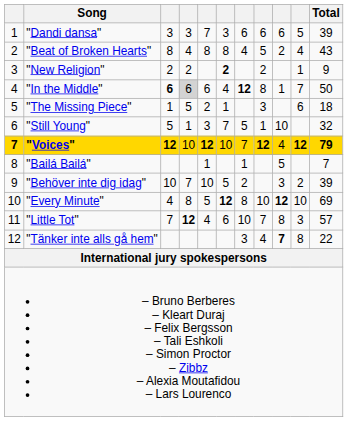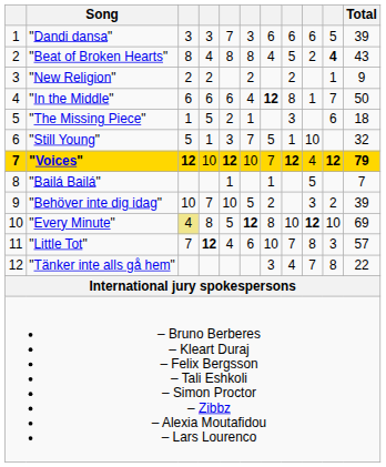 <table class="sortable wikitable" style="margin: 1em auto 1em auto; text-align:center;">
 <tr>
 <th></th>
 <th>Song</th>
 <th></th>
 <th></th>
 <th></th>
 <th></th>
 <th></th>
 <th></th>
 <th></th>
 <th></th>
 <th>Total</th>
 </tr>
 <tr>
 <td>1</td>
 <td align="left">"<a href='#'>Dandi dansa</a>"</td>
 <td>3</td>
 <td>3</td>
 <td>7</td>
 <td>3</td>
 <td>6</td>
 <td>6</td>
 <td>6</td>
 <td>5</td>
 <td>39</td>
 </tr>
 <tr>
 <td>2</td>
 <td align="left">"<a href='#'>Beat of Broken Hearts</a>"</td>
 <td>8</td>
 <td>4</td>
 <td>8</td>
 <td>8</td>
 <td>4</td>
 <td>5</td>
 <td>2</td>
-<td>4</td>
+<td><strong>4</strong></td>
 <td>43</td>
 </tr>
 <tr>
 <td>3</td>
 <td align="left">"<a href='#'>New Religion</a>"</td>
 <td>2</td>
 <td>2</td>
 <td></td>
-<td><strong>2</strong></td>
+<td>2</td>
 <td></td>
 <td>2</td>
 <td></td>
 <td>1</td>
 <td>9</td>
 </tr>
 <tr>
 <td>4</td>
 <td align="left">"<a href='#'>In the Middle</a>"</td>
-<td><strong>6</strong></td>
-<td style="background: lightgrey;">6</td>
+<td>6</td>
+<td>6</td>
 <td>6</td>
 <td>4</td>
 <td><strong>12</strong></td>
 <td>8</td>
 <td>1</td>
 <td>7</td>
 <td>50</td>
 </tr>
 <tr>
 <td>5</td>
 <td align="left">"<a href='#'>The Missing Piece</a>"</td>
 <td>1</td>
 <td>5</td>
 <td>2</td>
 <td>1</td>
 <td></td>
 <td>3</td>
 <td></td>
 <td>6</td>
 <td>18</td>
 </tr>
 <tr>
 <td>6</td>
 <td align="left">"<a href='#'>Still Young</a>"</td>
 <td>5</td>
 <td>1</td>
 <td>3</td>
 <td>7</td>
 <td>5</td>
 <td>1</td>
 <td>10</td>
 <td></td>
 <td>32</td>
 </tr>
 <tr style="background:gold;">
 <td><strong>7</strong></td>
 <td align="left"><strong>"<a href='#'>Voices</a>"</strong></td>
 <td><strong>12</strong></td>
 <td>10</td>
 <td><strong>12</strong></td>
 <td>10</td>
 <td>7</td>
 <td><strong>12</strong></td>
 <td>4</td>
 <td><strong>12</strong></td>
 <td><strong>79</strong></td>
 </tr>
 <tr>
 <td>8</td>
 <td align="left">"<a href='#'>Bailá Bailá</a>"</td>
 <td></td>
 <td></td>
 <td>1</td>
 <td></td>
 <td>1</td>
 <td></td>
 <td>5</td>
 <td></td>
 <td>7</td>
 </tr>
 <tr>
 <td>9</td>
 <td align="left">"<a href='#'>Behöver inte dig idag</a>"</td>
 <td>10</td>
 <td>7</td>
 <td>10</td>
 <td>5</td>
 <td>2</td>
 <td></td>
 <td>3</td>
 <td>2</td>
 <td>39</td>
 </tr>
 <tr>
 <td>10</td>
 <td align="left">"<a href='#'>Every Minute</a>"</td>
-<td>4</td>
+<td style="background: khaki;">4</td>
 <td>8</td>
 <td>5</td>
 <td><strong>12</strong></td>
 <td>8</td>
 <td>10</td>
 <td><strong>12</strong></td>
 <td>10</td>
 <td>69</td>
 </tr>
 <tr>
 <td>11</td>
 <td align="left">"<a href='#'>Little Tot</a>"</td>
 <td>7</td>
 <td><strong>12</strong></td>
 <td>4</td>
 <td>6</td>
 <td>10</td>
 <td>7</td>
 <td>8</td>
 <td>3</td>
 <td>57</td>
 </tr>
 <tr>
 <td>12</td>
 <td align="left">"<a href='#'>Tänker inte alls gå hem</a>"</td>
 <td></td>
 <td></td>
 <td></td>
 <td></td>
 <td>3</td>
 <td>4</td>
-<td><strong>7</strong></td>
+<td>7</td>
 <td>8</td>
 <td>22</td>
 </tr>
 <tr class="sortbottom">
 <th colspan="11">International jury spokespersons</th>
 </tr>
 <tr class="sortbottom">
 <td colspan="11"><br><ul><li> – Bruno Berberes</li><li> – Kleart Duraj</li><li> – Felix Bergsson</li><li> – Tali Eshkoli</li><li> – Simon Proctor</li><li> – <a href='#'>Zibbz</a></li><li> – Alexia Moutafidou</li><li> – Lars Lourenco</li></ul></td>
 </tr>
 </table>
